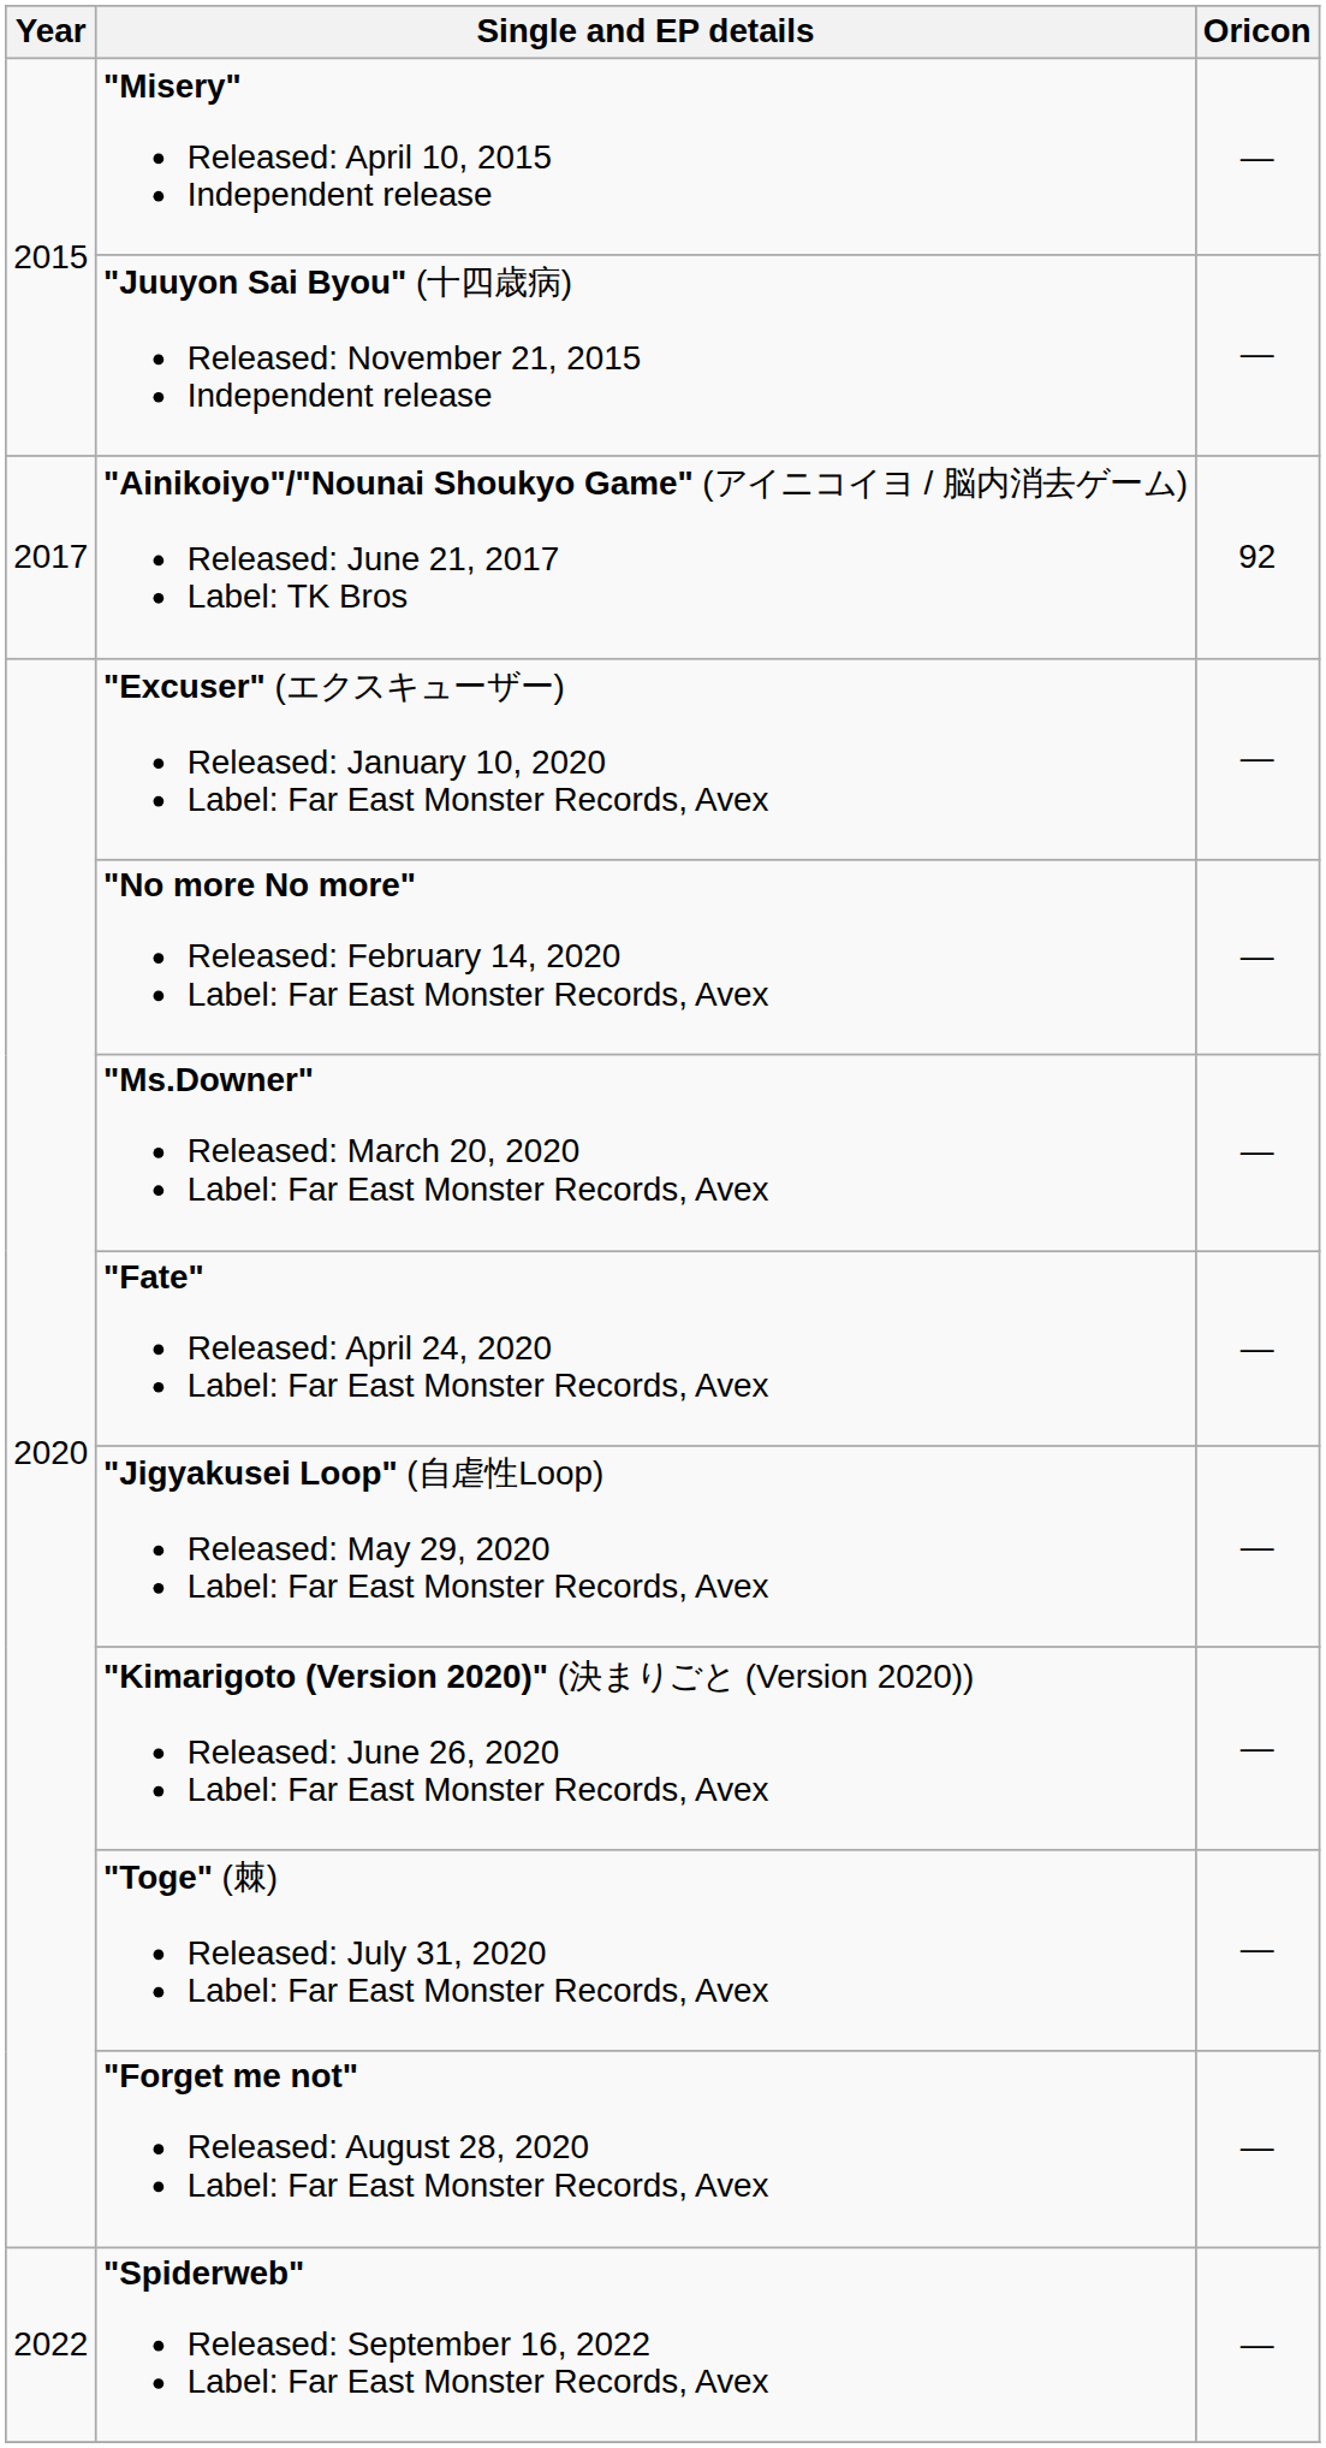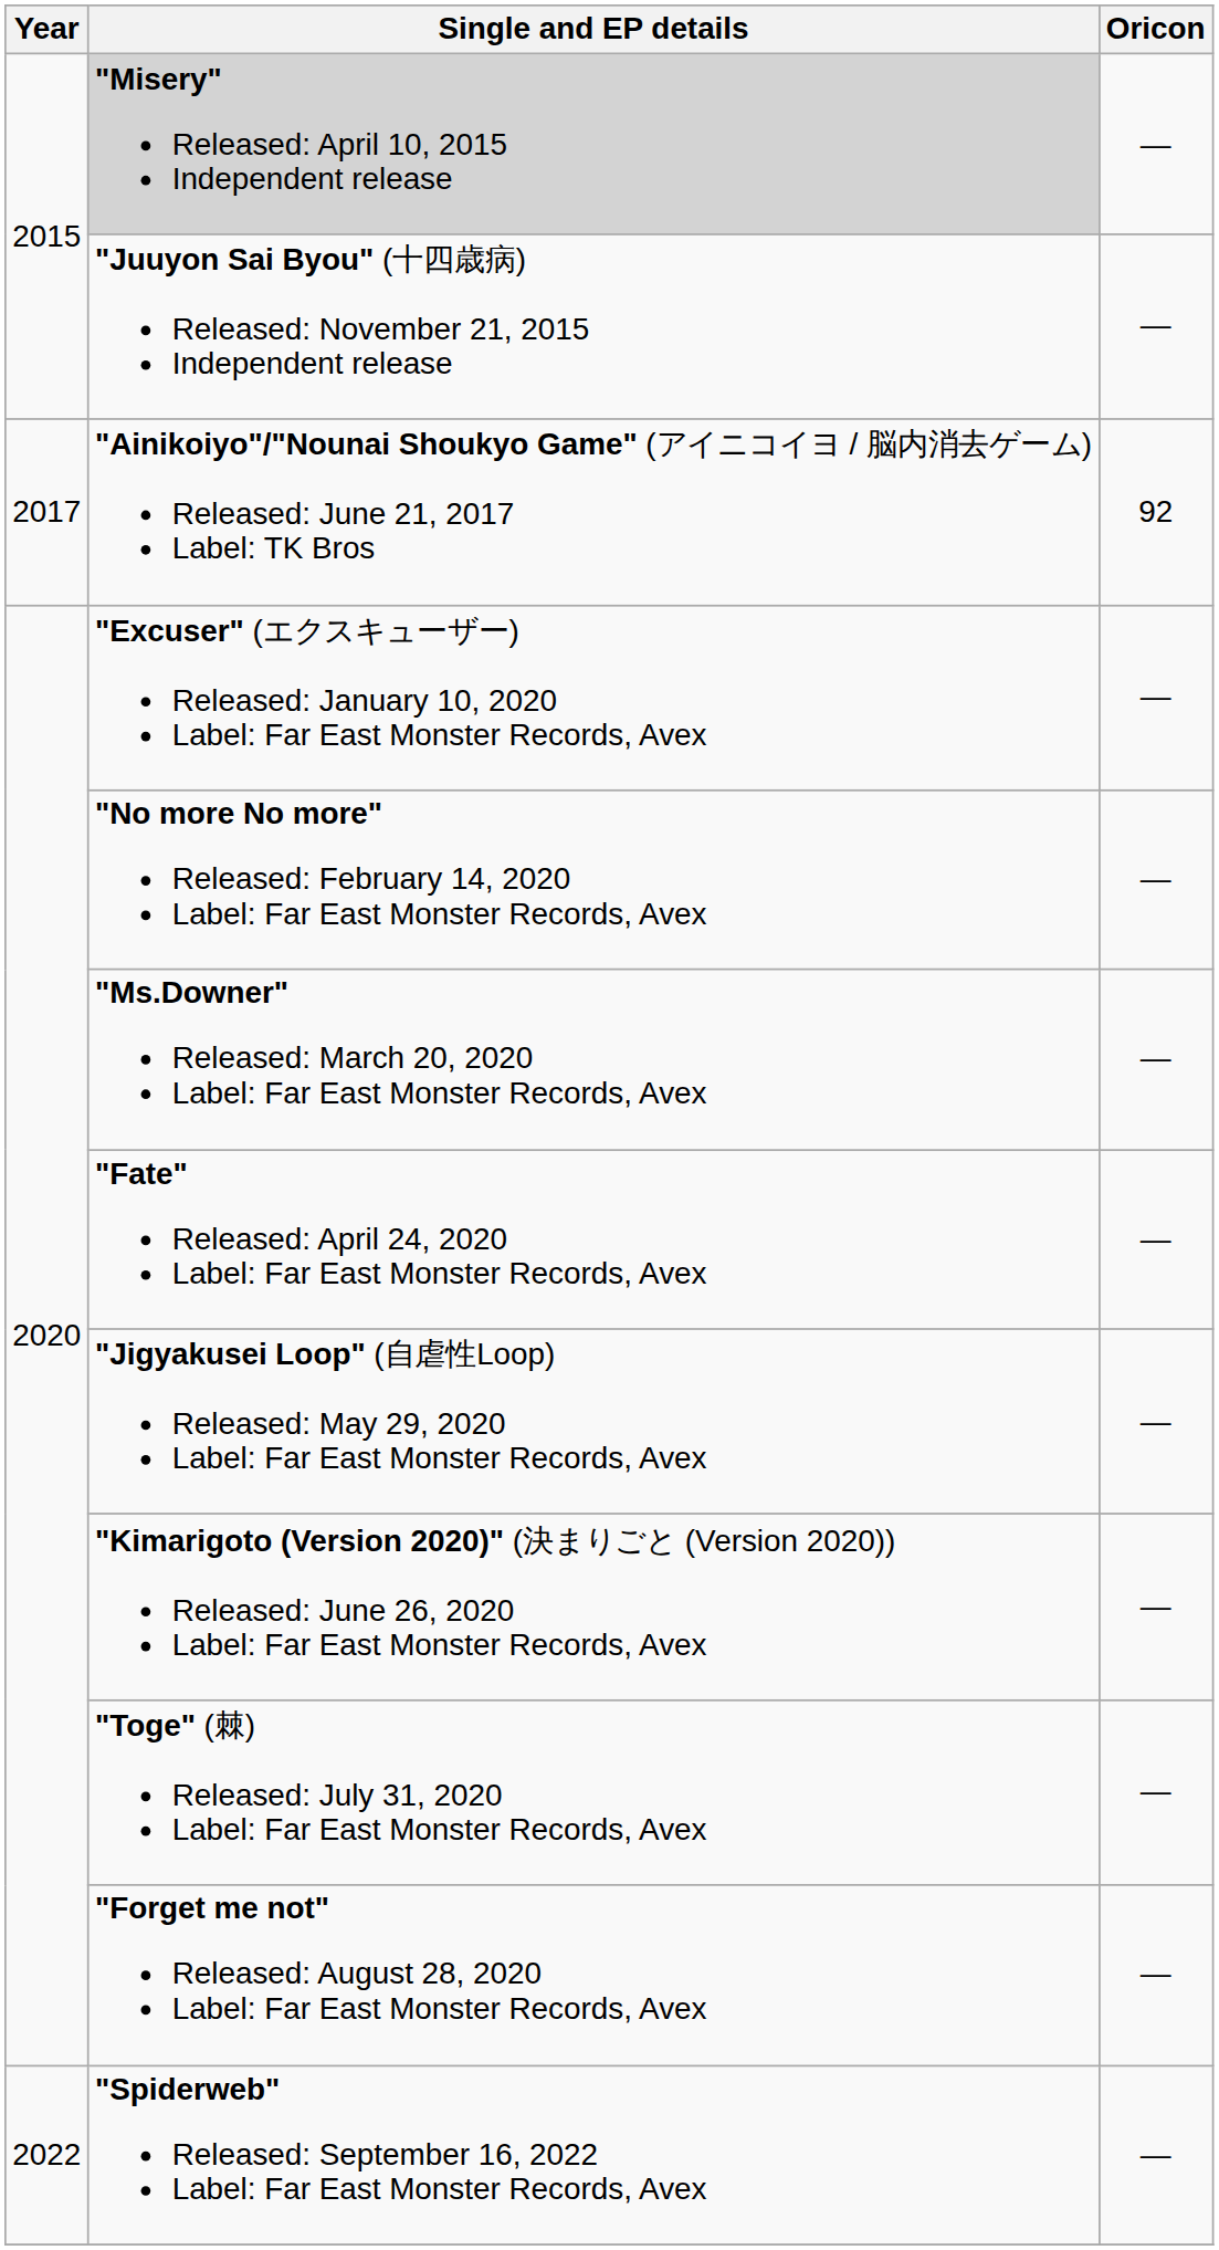 <table class="wikitable">
 <tr>
 <th>Year</th>
 <th>Single and EP details</th>
 <th>Oricon</th>
 </tr>
 <tr>
 <td rowspan="2">2015</td>
-<td><strong>"Misery"</strong><br><ul><li>Released: April 10, 2015</li><li>Independent release</li></ul></td>
+<td style="background: lightgrey;"><strong>"Misery"</strong><br><ul><li>Released: April 10, 2015</li><li>Independent release</li></ul></td>
 <td align="center">—</td>
 </tr>
 <tr>
 <td><strong>"Juuyon Sai Byou"</strong> (十四歳病)<br><ul><li>Released: November 21, 2015</li><li>Independent release </li></ul></td>
 <td align="center">—</td>
 </tr>
 <tr>
 <td>2017</td>
 <td><strong>"Ainikoiyo"/"Nounai Shoukyo Game"</strong> (アイニコイヨ / 脳内消去ゲーム)<br><ul><li>Released: June 21, 2017</li><li>Label: TK Bros</li></ul></td>
 <td align="center">92</td>
 </tr>
 <tr>
 <td rowspan="8">2020</td>
 <td><strong>"Excuser"</strong> (エクスキューザー)<br><ul><li>Released: January 10, 2020</li><li>Label: Far East Monster Records, Avex</li></ul></td>
 <td align="center">—</td>
 </tr>
 <tr>
 <td><strong>"No more No more"</strong><br><ul><li>Released: February 14, 2020</li><li>Label: Far East Monster Records, Avex</li></ul></td>
 <td align="center">—</td>
 </tr>
 <tr>
 <td><strong>"Ms.Downer"</strong><br><ul><li>Released: March 20, 2020</li><li>Label: Far East Monster Records, Avex</li></ul></td>
 <td align="center">—</td>
 </tr>
 <tr>
 <td><strong>"Fate"</strong><br><ul><li>Released: April 24, 2020</li><li>Label: Far East Monster Records, Avex</li></ul></td>
 <td align="center">—</td>
 </tr>
 <tr>
 <td><strong>"Jigyakusei Loop"</strong> (自虐性Loop)<br><ul><li>Released: May 29, 2020</li><li>Label: Far East Monster Records, Avex</li></ul></td>
 <td align="center">—</td>
 </tr>
 <tr>
 <td><strong>"Kimarigoto (Version 2020)"</strong> (決まりごと (Version 2020))<br><ul><li>Released: June 26, 2020</li><li>Label: Far East Monster Records, Avex</li></ul></td>
 <td align="center">—</td>
 </tr>
 <tr>
 <td><strong>"Toge"</strong> (棘)<br><ul><li>Released: July 31, 2020</li><li>Label: Far East Monster Records, Avex</li></ul></td>
 <td align="center">—</td>
 </tr>
 <tr>
 <td><strong>"Forget me not"</strong><br><ul><li>Released: August 28, 2020</li><li>Label: Far East Monster Records, Avex</li></ul></td>
 <td align="center">—</td>
 </tr>
 <tr>
 <td>2022</td>
 <td><strong>"Spiderweb"</strong><br><ul><li>Released: September 16, 2022</li><li>Label: Far East Monster Records, Avex</li></ul></td>
 <td align="center">—</td>
 </tr>
 <tr>
 </tr>
 </table>
